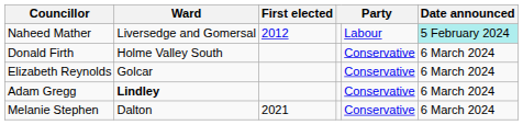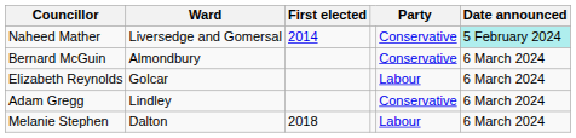 <table class="wikitable sortable">
 <tr>
 <th>Councillor</th>
 <th>Ward</th>
 <th>First elected</th>
 <th colspan="2" scope="col">Party</th>
 <th>Date announced</th>
 </tr>
 <tr>
 <td>Naheed Mather</td>
 <td>Liversedge and Gomersal</td>
-<td><a href='#'>2012</a></td>
+<td><a href='#'>2014</a></td>
 <td style="background:"></td>
-<td><a href='#'>Labour</a></td>
+<td><a href='#'>Conservative</a></td>
 <td style="background: paleturquoise;">5 February 2024</td>
 </tr>
 <tr>
-<td>Donald Firth</td>
-<td>Holme Valley South</td>
+<td>Bernard McGuin</td>
+<td>Almondbury</td>
 <td></td>
 <td style="background:"></td>
 <td><a href='#'>Conservative</a></td>
 <td>6 March 2024</td>
 </tr>
 <tr>
 <td>Elizabeth Reynolds</td>
 <td>Golcar</td>
 <td></td>
 <td style="background:"></td>
-<td><a href='#'>Conservative</a></td>
+<td><a href='#'>Labour</a></td>
 <td>6 March 2024</td>
 </tr>
 <tr>
 <td>Adam Gregg</td>
-<td><strong>Lindley</strong></td>
+<td>Lindley</td>
 <td></td>
 <td style="background:"></td>
 <td><a href='#'>Conservative</a></td>
 <td>6 March 2024</td>
 </tr>
 <tr>
 <td>Melanie Stephen</td>
 <td>Dalton</td>
-<td>2021</td>
+<td>2018</td>
 <td style="background:"></td>
-<td><a href='#'>Conservative</a></td>
+<td><a href='#'>Labour</a></td>
 <td>6 March 2024</td>
 </tr>
 </table>
